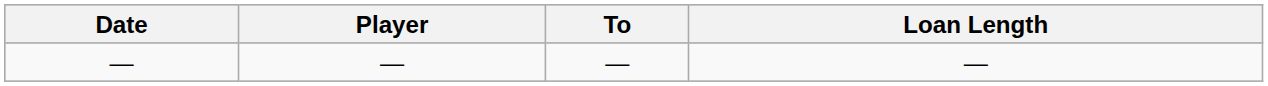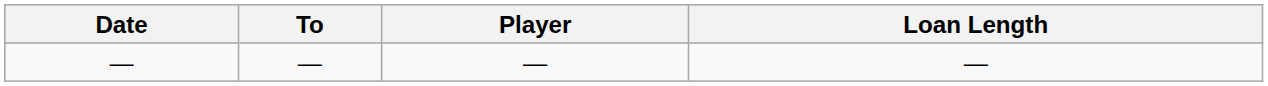 <table class="wikitable" style="font-size:95%; width:50%">
 <tr>
 <th>Date</th>
+<th>To</th>
 <th>Player</th>
-<th>To</th>
 <th>Loan Length</th>
 </tr>
 <tr>
 <td align=center>—</td>
 <td align=center>—</td>
 <td align=center>—</td>
 <td align=center>—</td>
 </tr>
 </table>
